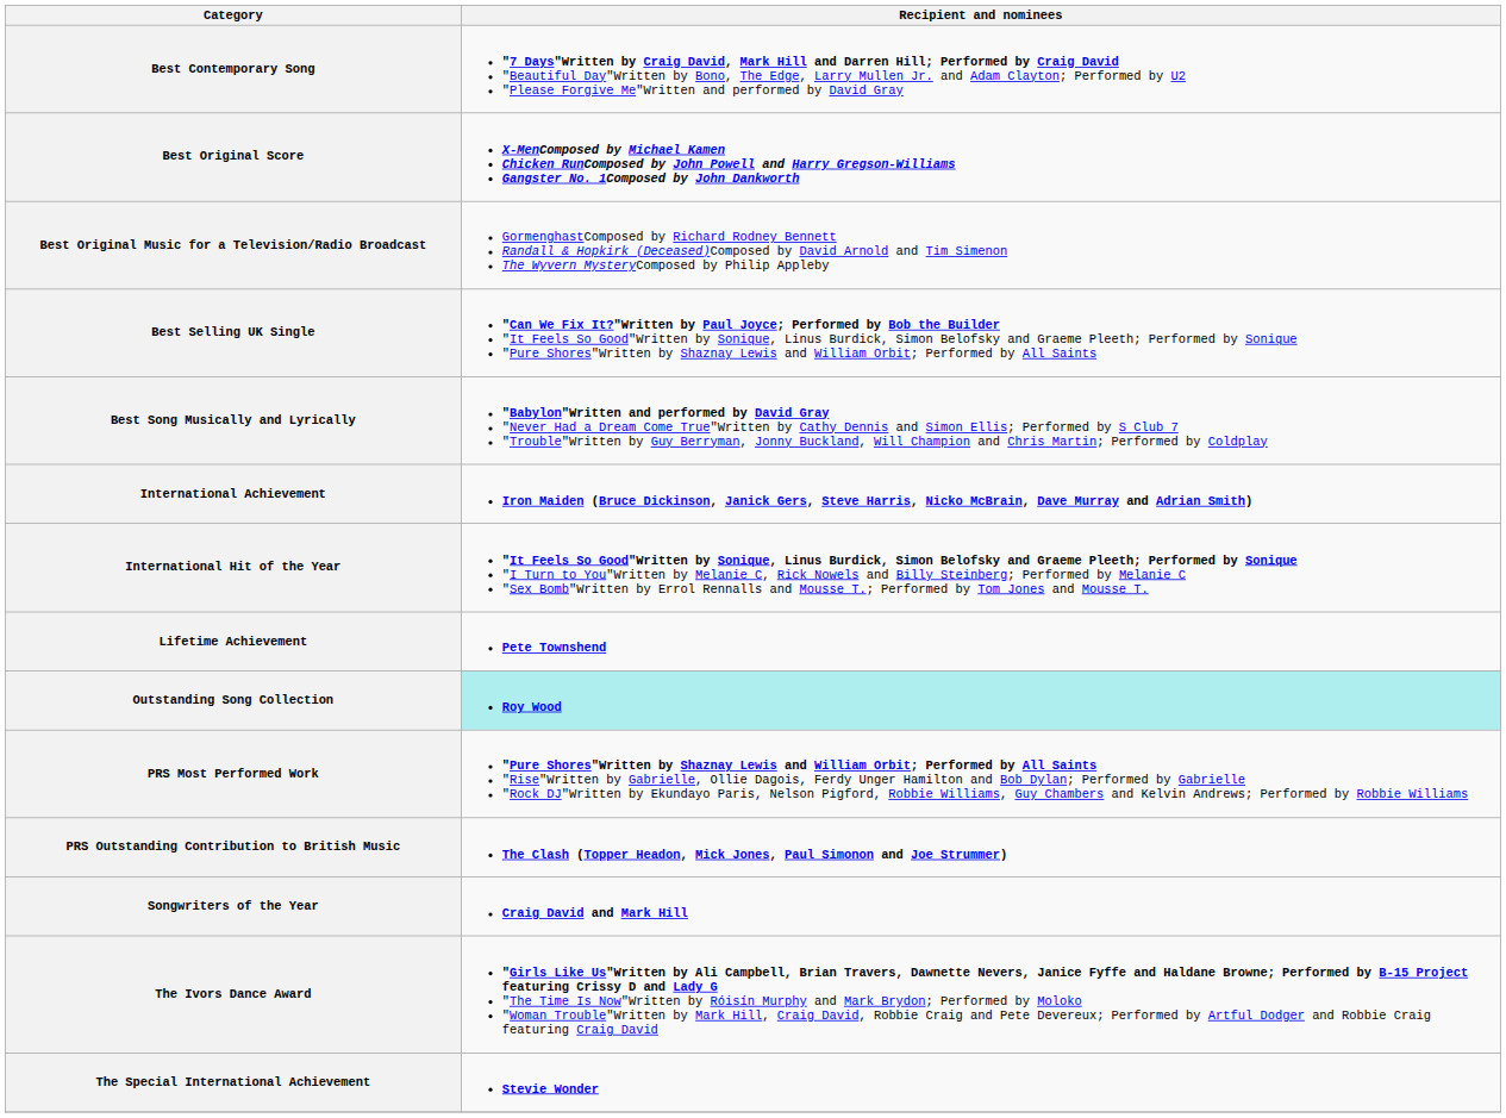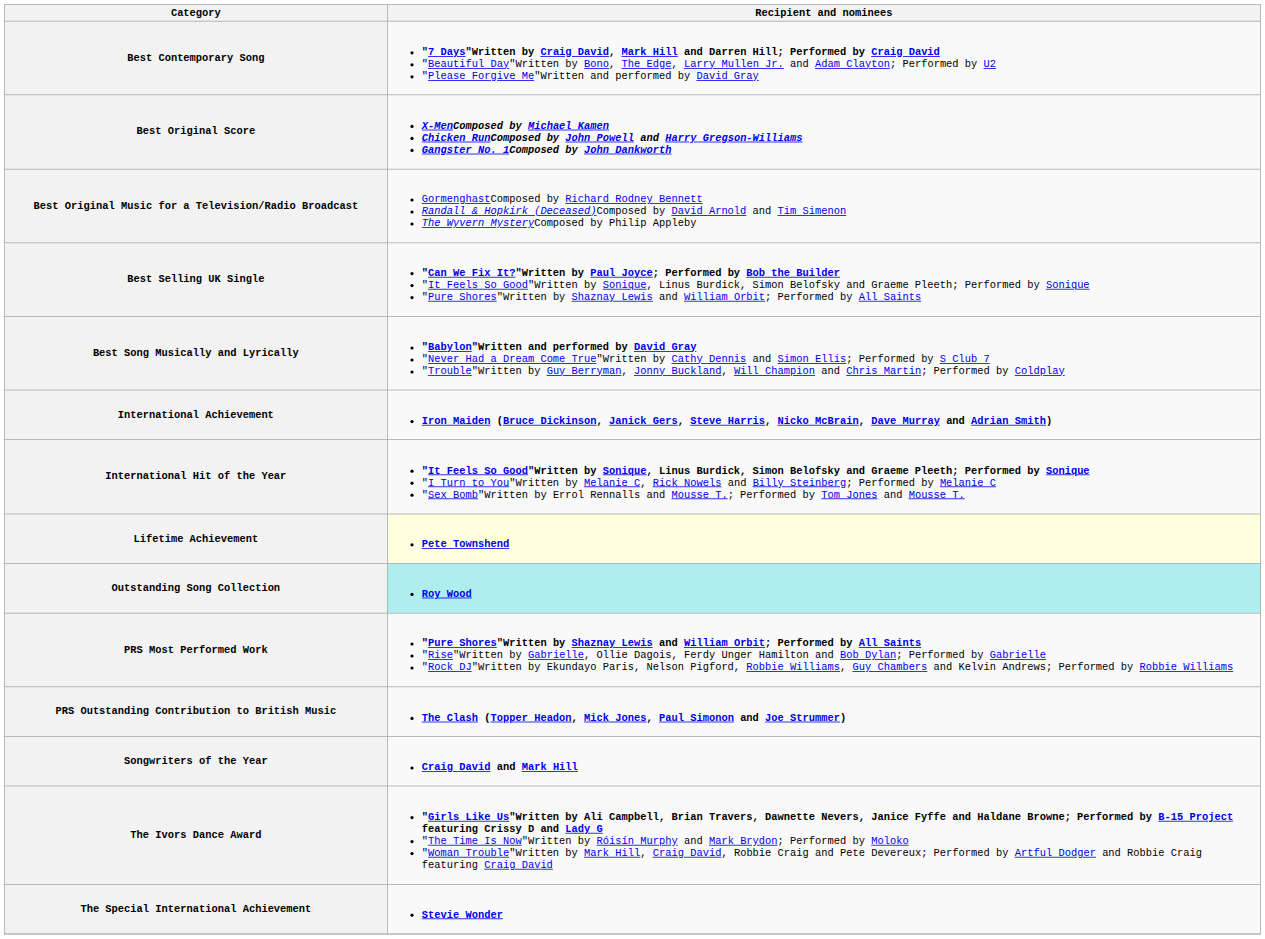 <table class="wikitable">
 <tr>
 <th width="25%">Category</th>
 <th width="57%">Recipient and nominees</th>
 </tr>
 <tr>
 <th scope="row">Best Contemporary Song</th>
 <td><br><ul><li><strong>"<a href='#'>7 Days</a>"Written by <a href='#'>Craig David</a>, <a href='#'>Mark Hill</a> and Darren Hill; Performed by <a href='#'>Craig David</a></strong></li><li>"<a href='#'>Beautiful Day</a>"Written by <a href='#'>Bono</a>, <a href='#'>The Edge</a>, <a href='#'>Larry Mullen Jr.</a> and <a href='#'>Adam Clayton</a>; Performed by <a href='#'>U2</a></li><li>"<a href='#'>Please Forgive Me</a>"Written and performed by <a href='#'>David Gray</a></li></ul></td>
 </tr>
 <tr>
 <th scope="row">Best Original Score</th>
 <td><br><ul><li><strong><em><a href='#'>X-Men</a><em>Composed by <a href='#'>Michael Kamen</a><strong></li><li></em><a href='#'>Chicken Run</a><em>Composed by <a href='#'>John Powell</a> and <a href='#'>Harry Gregson-Williams</a></li><li></em><a href='#'>Gangster No. 1</a><em>Composed by <a href='#'>John Dankworth</a></li></ul></td>
 </tr>
 <tr>
 <th scope="row">Best Original Music for a Television/Radio Broadcast</th>
 <td><br><ul><li></em></strong><a href='#'>Gormenghast</a></em>Composed by <a href='#'>Richard Rodney Bennett</a></strong></li><li><em><a href='#'>Randall & Hopkirk (Deceased)</a></em>Composed by <a href='#'>David Arnold</a> and <a href='#'>Tim Simenon</a></li><li><em><a href='#'>The Wyvern Mystery</a></em>Composed by Philip Appleby</li></ul></td>
 </tr>
 <tr>
 <th scope="row">Best Selling UK Single</th>
 <td><br><ul><li><strong>"<a href='#'>Can We Fix It?</a>"Written by <a href='#'>Paul Joyce</a>; Performed by <a href='#'>Bob the Builder</a></strong></li><li>"<a href='#'>It Feels So Good</a>"Written by <a href='#'>Sonique</a>, Linus Burdick, Simon Belofsky and Graeme Pleeth; Performed by <a href='#'>Sonique</a></li><li>"<a href='#'>Pure Shores</a>"Written by <a href='#'>Shaznay Lewis</a> and <a href='#'>William Orbit</a>; Performed by <a href='#'>All Saints</a></li></ul></td>
 </tr>
 <tr>
 <th scope="row">Best Song Musically and Lyrically</th>
 <td><br><ul><li><strong>"<a href='#'>Babylon</a>"Written and performed by <a href='#'>David Gray</a></strong></li><li>"<a href='#'>Never Had a Dream Come True</a>"Written by <a href='#'>Cathy Dennis</a> and <a href='#'>Simon Ellis</a>; Performed by <a href='#'>S Club 7</a></li><li>"<a href='#'>Trouble</a>"Written by <a href='#'>Guy Berryman</a>, <a href='#'>Jonny Buckland</a>, <a href='#'>Will Champion</a> and <a href='#'>Chris Martin</a>; Performed by <a href='#'>Coldplay</a></li></ul></td>
 </tr>
 <tr>
 <th scope="row">International Achievement</th>
 <td><br><ul><li><strong><a href='#'>Iron Maiden</a> (<a href='#'>Bruce Dickinson</a>, <a href='#'>Janick Gers</a>, <a href='#'>Steve Harris</a>, <a href='#'>Nicko McBrain</a>, <a href='#'>Dave Murray</a> and <a href='#'>Adrian Smith</a>)</strong></li></ul></td>
 </tr>
 <tr>
 <th scope="row">International Hit of the Year</th>
 <td><br><ul><li><strong>"<a href='#'>It Feels So Good</a>"Written by <a href='#'>Sonique</a>, Linus Burdick, Simon Belofsky and Graeme Pleeth; Performed by <a href='#'>Sonique</a></strong></li><li>"<a href='#'>I Turn to You</a>"Written by <a href='#'>Melanie C</a>, <a href='#'>Rick Nowels</a> and <a href='#'>Billy Steinberg</a>; Performed by <a href='#'>Melanie C</a></li><li>"<a href='#'>Sex Bomb</a>"Written by Errol Rennalls and <a href='#'>Mousse T.</a>; Performed by <a href='#'>Tom Jones</a> and <a href='#'>Mousse T.</a></li></ul></td>
 </tr>
 <tr>
 <th scope="row">Lifetime Achievement</th>
-<td><br><ul><li><strong><a href='#'>Pete Townshend</a></strong></li></ul></td>
+<td style="background: lightyellow;"><br><ul><li><strong><a href='#'>Pete Townshend</a></strong></li></ul></td>
 </tr>
 <tr>
 <th scope="row">Outstanding Song Collection</th>
 <td style="background: paleturquoise;"><br><ul><li><strong><a href='#'>Roy Wood</a></strong></li></ul></td>
 </tr>
 <tr>
 <th scope="row">PRS Most Performed Work</th>
 <td><br><ul><li><strong>"<a href='#'>Pure Shores</a>"Written by <a href='#'>Shaznay Lewis</a> and <a href='#'>William Orbit</a>; Performed by <a href='#'>All Saints</a></strong></li><li>"<a href='#'>Rise</a>"Written by <a href='#'>Gabrielle</a>, Ollie Dagois, Ferdy Unger Hamilton and <a href='#'>Bob Dylan</a>; Performed by <a href='#'>Gabrielle</a></li><li>"<a href='#'>Rock DJ</a>"Written by Ekundayo Paris, Nelson Pigford, <a href='#'>Robbie Williams</a>, <a href='#'>Guy Chambers</a> and Kelvin Andrews; Performed by <a href='#'>Robbie Williams</a></li></ul></td>
 </tr>
 <tr>
 <th scope="row">PRS Outstanding Contribution to British Music</th>
 <td><br><ul><li><strong><a href='#'>The Clash</a> (<a href='#'>Topper Headon</a>, <a href='#'>Mick Jones</a>, <a href='#'>Paul Simonon</a> and <a href='#'>Joe Strummer</a>)</strong></li></ul></td>
 </tr>
 <tr>
 <th scope="row">Songwriters of the Year</th>
 <td><br><ul><li><strong><a href='#'>Craig David</a> and <a href='#'>Mark Hill</a></strong></li></ul></td>
 </tr>
 <tr>
 <th scope="row">The Ivors Dance Award</th>
 <td><br><ul><li><strong>"<a href='#'>Girls Like Us</a>"Written by Ali Campbell, Brian Travers, Dawnette Nevers, Janice Fyffe and Haldane Browne; Performed by <a href='#'>B-15 Project</a> featuring Crissy D and <a href='#'>Lady G</a></strong></li><li>"<a href='#'>The Time Is Now</a>"Written by <a href='#'>Róisín Murphy</a> and <a href='#'>Mark Brydon</a>; Performed by <a href='#'>Moloko</a></li><li>"<a href='#'>Woman Trouble</a>"Written by <a href='#'>Mark Hill</a>, <a href='#'>Craig David</a>, Robbie Craig and Pete Devereux; Performed by <a href='#'>Artful Dodger</a> and Robbie Craig featuring <a href='#'>Craig David</a></li></ul></td>
 </tr>
 <tr>
 <th scope="row">The Special International Achievement</th>
 <td><br><ul><li><strong><a href='#'>Stevie Wonder</a></strong></li></ul></td>
 </tr>
 <tr>
 </tr>
 </table>
